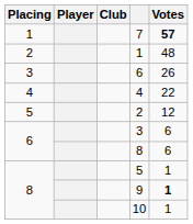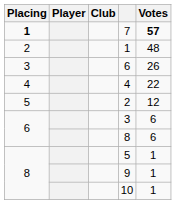 <table class="wikitable plainrowheaders sortable" style=text-align:center>
 <tr>
 <th class=unsortable>Placing</th>
 <th>Player</th>
 <th>Club</th>
 <th></th>
 <th>Votes</th>
 </tr>
 <tr>
-<td>1</td>
+<td><strong>1</strong></td>
 <th scope=row></th>
 <td align=left></td>
 <td>7</td>
 <td><strong>57</strong></td>
 </tr>
 <tr>
 <td>2</td>
 <th scope=row></th>
 <td align=left></td>
 <td>1</td>
 <td>48</td>
 </tr>
 <tr>
 <td>3</td>
 <th scope=row></th>
 <td align=left></td>
 <td>6</td>
 <td>26</td>
 </tr>
 <tr>
 <td>4</td>
 <th scope=row></th>
 <td align=left></td>
 <td>4</td>
 <td>22</td>
 </tr>
 <tr>
 <td>5</td>
 <th scope=row></th>
 <td align=left></td>
 <td>2</td>
 <td>12</td>
 </tr>
 <tr>
 <td rowspan=2>6</td>
 <th scope=row></th>
 <td align=left></td>
 <td>3</td>
 <td>6</td>
 </tr>
 <tr>
 <th scope=row></th>
 <td align=left></td>
 <td>8</td>
 <td>6</td>
 </tr>
 <tr>
 <td rowspan=3>8</td>
 <th scope=row></th>
 <td align=left></td>
 <td>5</td>
 <td>1</td>
 </tr>
 <tr>
 <th scope=row></th>
 <td align=left></td>
 <td>9</td>
-<td><strong>1</strong></td>
+<td>1</td>
 </tr>
 <tr>
 <th scope=row></th>
 <td align=left></td>
 <td>10</td>
 <td>1</td>
 </tr>
 </table>
